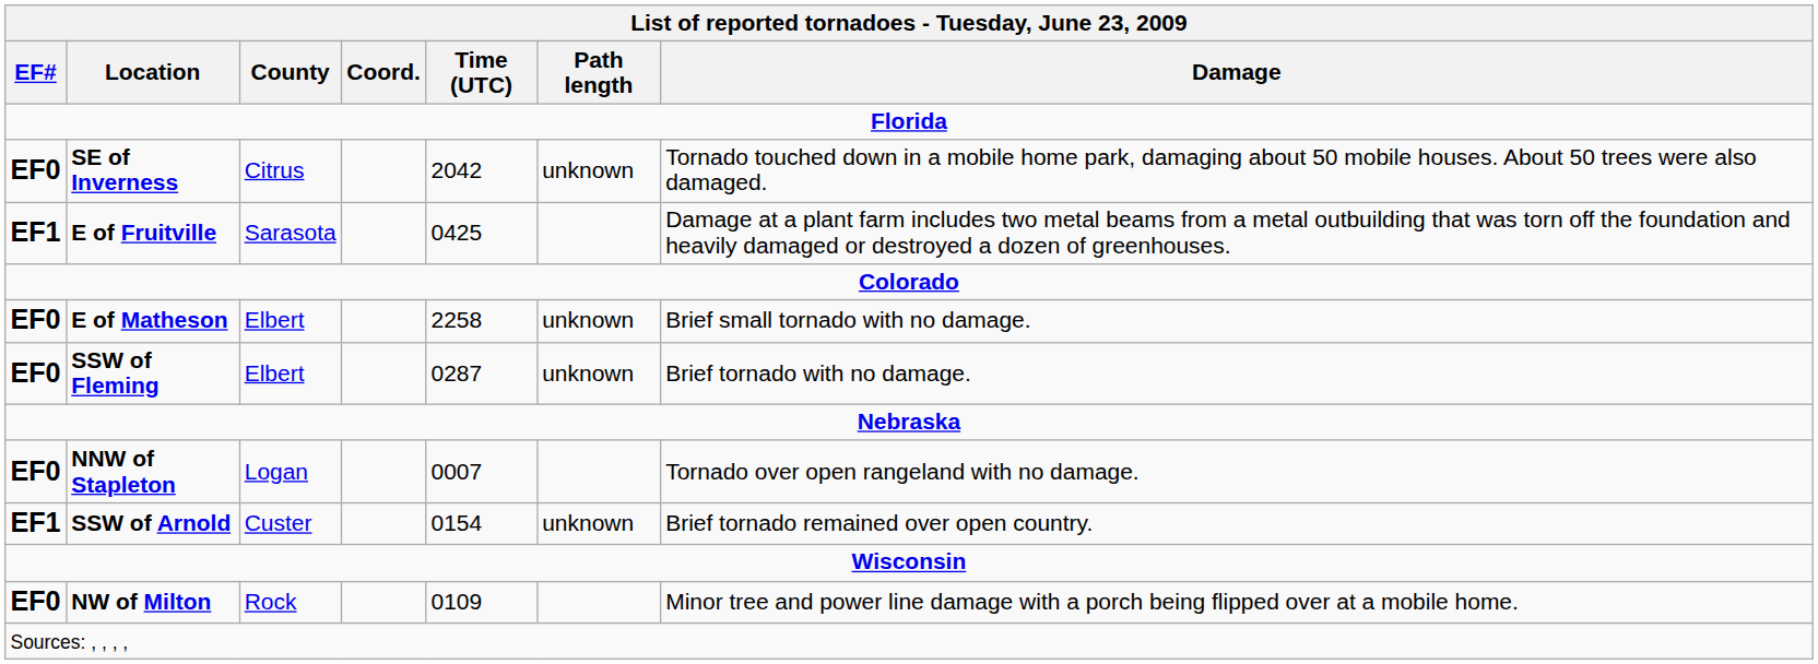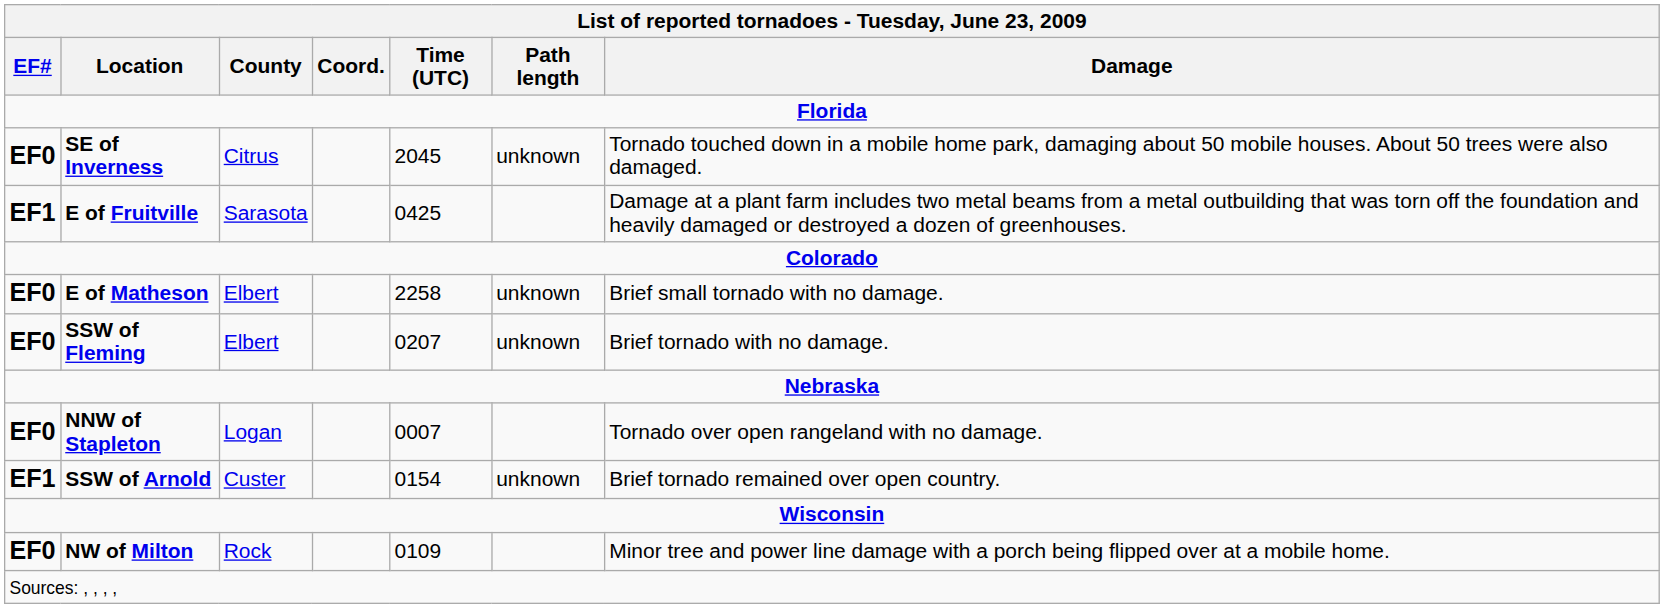 <table class="wikitable collapsible" width="100%">
 <tr>
 <th colspan="7">List of reported tornadoes - Tuesday, June 23, 2009</th>
 </tr>
 <tr>
 <th><a href='#'>EF#</a></th>
 <th>Location</th>
 <th>County</th>
 <th>Coord.</th>
 <th>Time (UTC)</th>
 <th>Path length</th>
 <th>Damage</th>
 </tr>
 <tr>
 <td colspan="7" align=center><strong><a href='#'>Florida</a></strong></td>
 </tr>
 <tr>
 <td><big><strong>EF0</strong></big></td>
 <td><strong>SE of <a href='#'>Inverness</a></strong></td>
 <td><a href='#'>Citrus</a></td>
 <td></td>
-<td>2042</td>
+<td>2045</td>
 <td>unknown</td>
 <td>Tornado touched down in a mobile home park, damaging about 50 mobile houses. About 50 trees were also damaged.</td>
 </tr>
 <tr>
 <td><big><strong>EF1</strong></big></td>
 <td><strong>E of <a href='#'>Fruitville</a></strong></td>
 <td><a href='#'>Sarasota</a></td>
 <td></td>
 <td>0425</td>
 <td></td>
 <td>Damage at a plant farm includes two metal beams from a metal outbuilding that was torn off the foundation and heavily damaged or destroyed a dozen of greenhouses.</td>
 </tr>
 <tr>
 <td colspan="7" align=center><strong><a href='#'>Colorado</a></strong></td>
 </tr>
 <tr>
 <td><big><strong>EF0</strong></big></td>
 <td><strong>E of <a href='#'>Matheson</a></strong></td>
 <td><a href='#'>Elbert</a></td>
 <td></td>
 <td>2258</td>
 <td>unknown</td>
 <td>Brief small tornado with no damage.</td>
 </tr>
 <tr>
 <td><big><strong>EF0</strong></big></td>
 <td><strong>SSW of <a href='#'>Fleming</a></strong></td>
 <td><a href='#'>Elbert</a></td>
 <td></td>
-<td>0287</td>
+<td>0207</td>
 <td>unknown</td>
 <td>Brief tornado with no damage.</td>
 </tr>
 <tr>
 <td colspan="7" align=center><strong><a href='#'>Nebraska</a></strong></td>
 </tr>
 <tr>
 <td><big><strong>EF0</strong></big></td>
 <td><strong>NNW of <a href='#'>Stapleton</a></strong></td>
 <td><a href='#'>Logan</a></td>
 <td></td>
 <td>0007</td>
 <td></td>
 <td>Tornado over open rangeland with no damage.</td>
 </tr>
 <tr>
 <td><big><strong>EF1</strong></big></td>
 <td><strong>SSW of <a href='#'>Arnold</a></strong></td>
 <td><a href='#'>Custer</a></td>
 <td></td>
 <td>0154</td>
 <td>unknown</td>
 <td>Brief tornado remained over open country.</td>
 </tr>
 <tr>
 <td colspan="7" align=center><strong><a href='#'>Wisconsin</a></strong></td>
 </tr>
 <tr>
 <td><big><strong>EF0</strong></big></td>
 <td><strong>NW of <a href='#'>Milton</a></strong></td>
 <td><a href='#'>Rock</a></td>
 <td></td>
 <td>0109</td>
 <td></td>
 <td>Minor tree and power line damage with a porch being flipped over at a mobile home.</td>
 </tr>
 <tr>
 <td colspan="7"><small>Sources: , , , , </small></td>
 </tr>
 </table>
